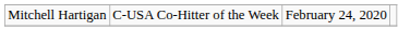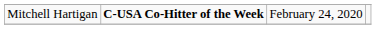 <table class="wikitable sortable sortable" style="text-align: center">
 <tr align=center>
 </tr>
 <tr>
 <td>Mitchell Hartigan</td>
-<td>C-USA Co-Hitter of the Week</td>
+<td><strong>C-USA Co-Hitter of the Week</strong></td>
 <td>February 24, 2020</td>
 <td></td>
 </tr>
 <tr>
 </tr>
 </table>
